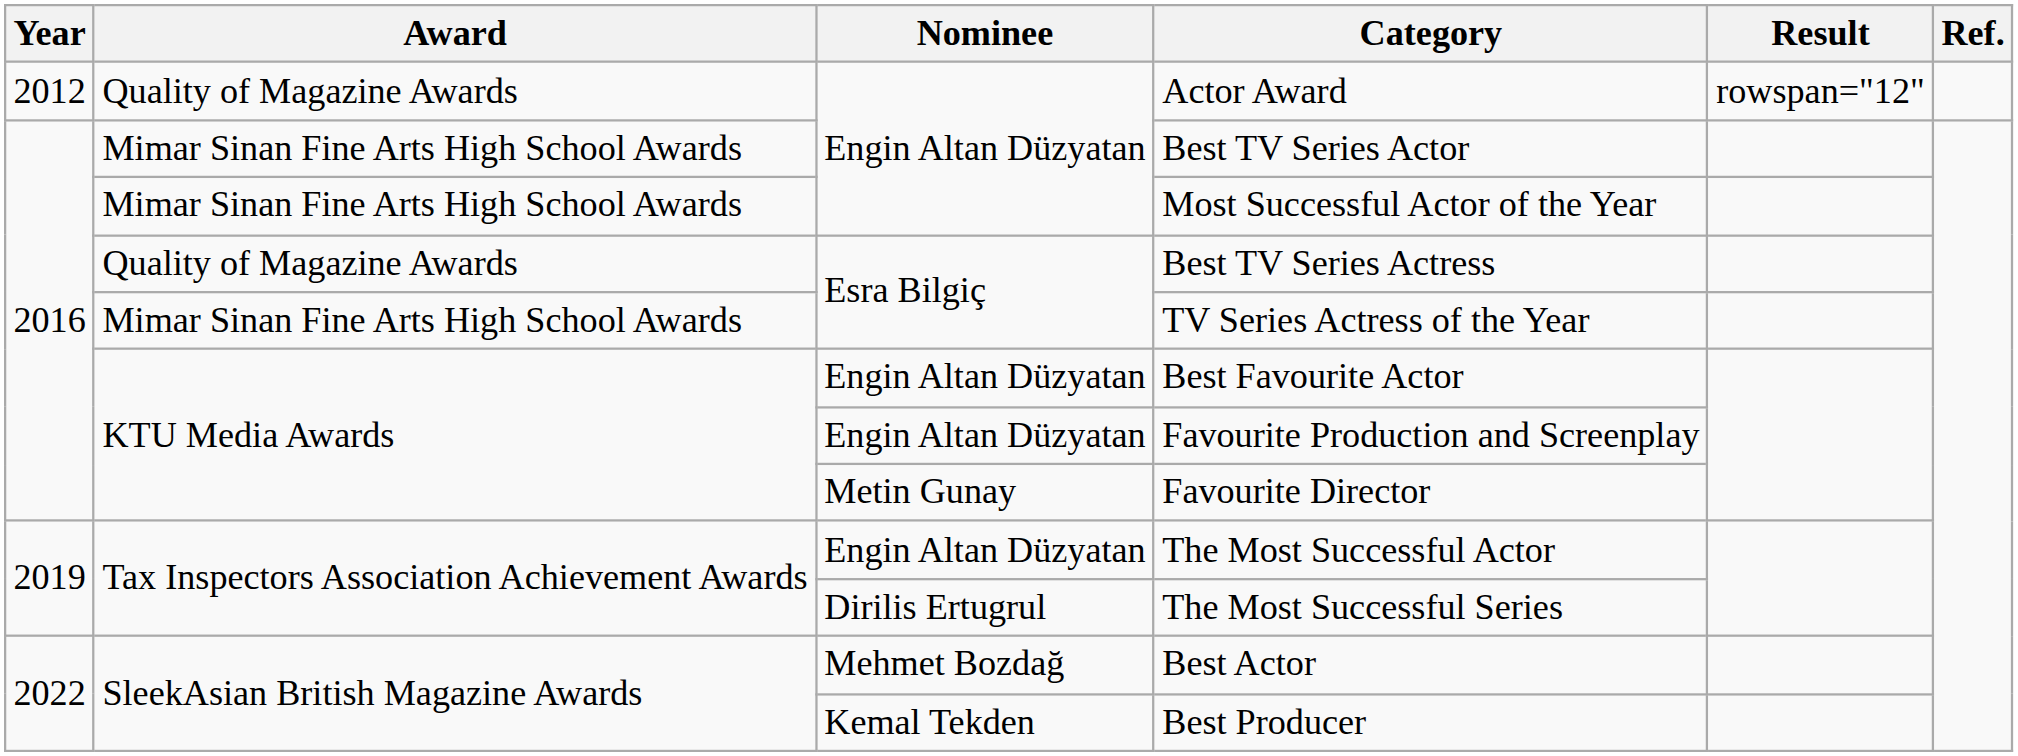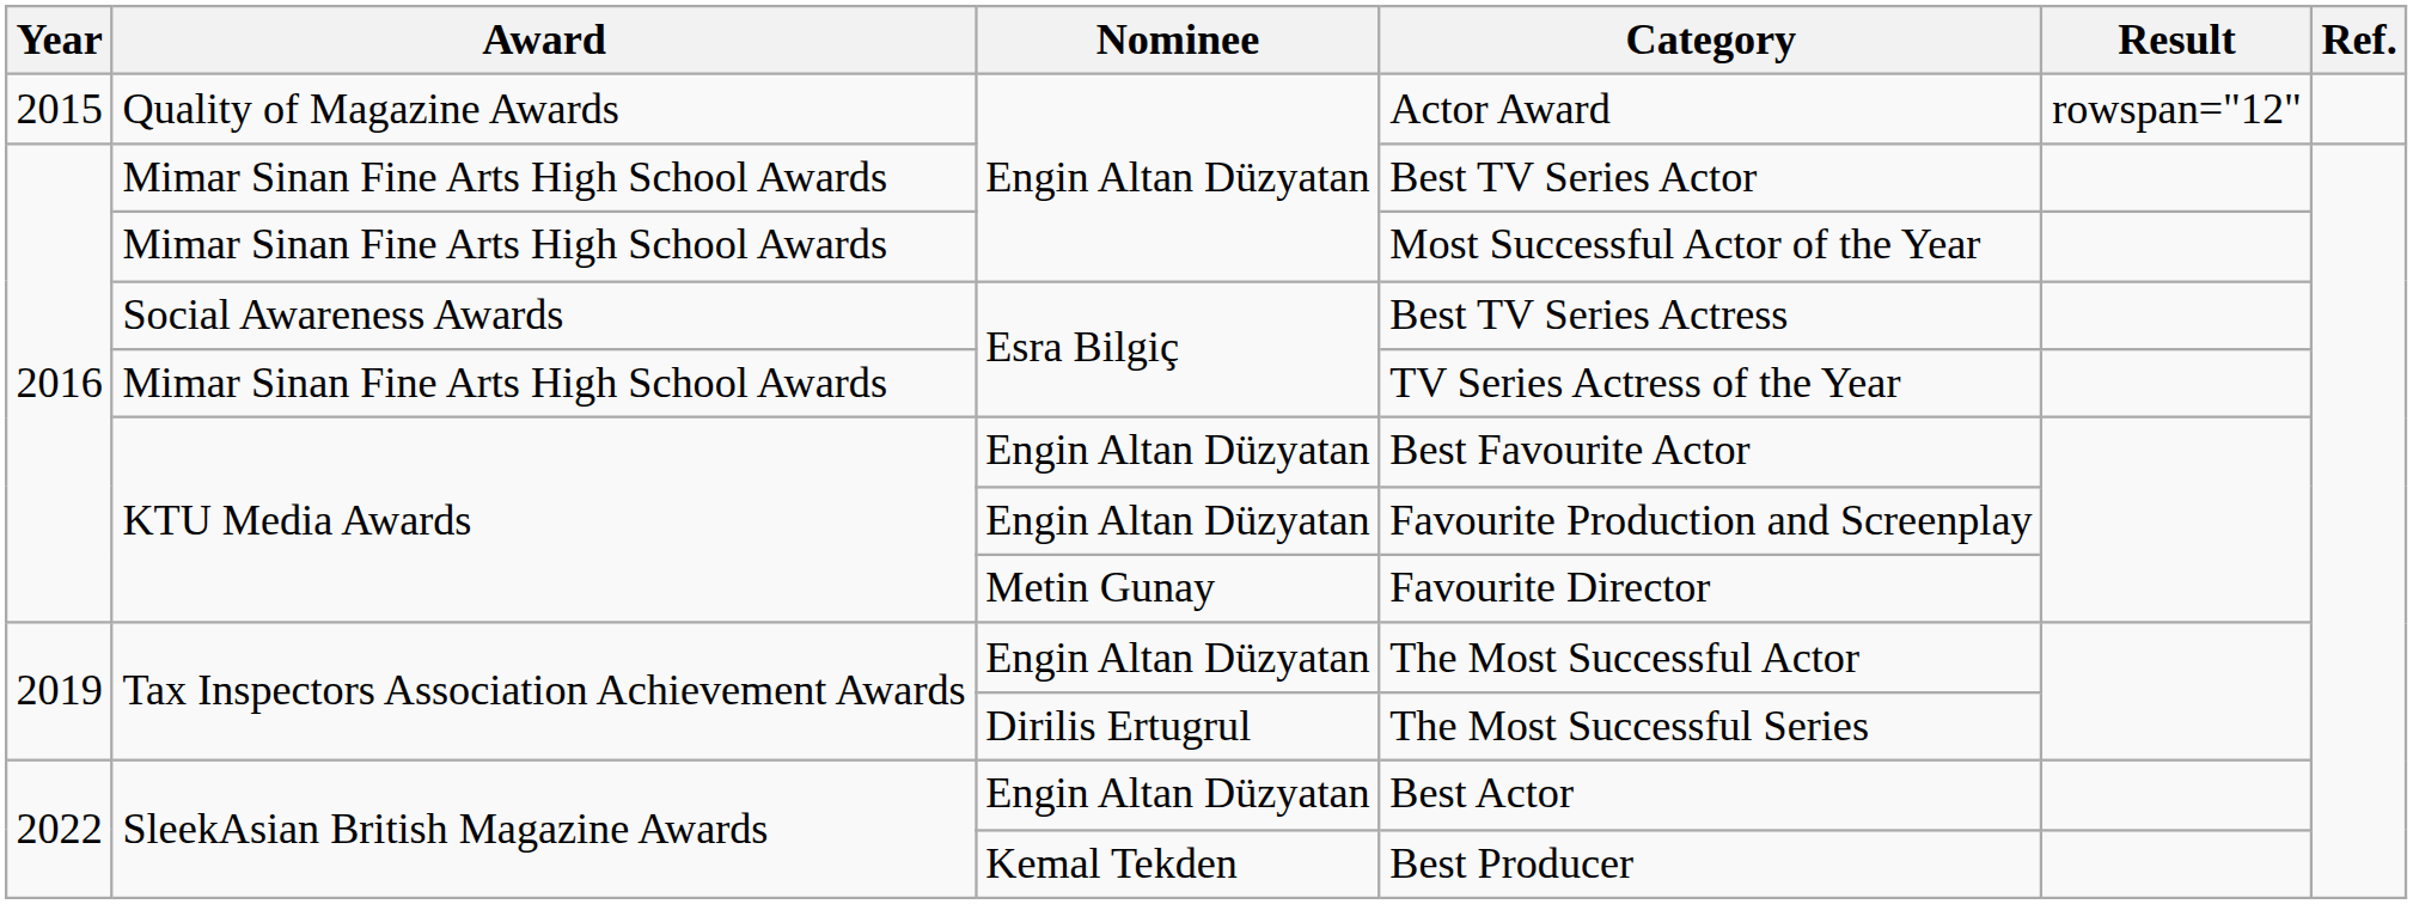 <table class="wikitable">
 <tr>
 <th>Year</th>
 <th>Award</th>
 <th>Nominee</th>
 <th>Category</th>
 <th>Result</th>
 <th>Ref.</th>
 </tr>
 <tr>
-<td>2012</td>
+<td>2015</td>
 <td>Quality of Magazine Awards</td>
 <td rowspan="3">Engin Altan Düzyatan</td>
 <td>Actor Award</td>
 <td>rowspan="12" </td>
 <td style = "text-align: center;"></td>
 </tr>
 <tr>
 <td rowspan="7">2016</td>
 <td>Mimar Sinan Fine Arts High School Awards</td>
 <td>Best TV Series Actor</td>
 <td style="text-align: center;"></td>
 </tr>
 <tr>
 <td>Mimar Sinan Fine Arts High School Awards</td>
 <td>Most Successful Actor of the Year</td>
 <td style = "text-align: center;"></td>
 </tr>
 <tr>
-<td>Quality of Magazine Awards</td>
+<td>Social Awareness Awards</td>
 <td rowspan="2">Esra Bilgiç</td>
 <td>Best TV Series Actress</td>
 <td style = "text-align: center;"></td>
 </tr>
 <tr>
 <td>Mimar Sinan Fine Arts High School Awards</td>
 <td>TV Series Actress of the Year</td>
 <td style = "text-align: center;"></td>
 </tr>
 <tr>
 <td rowspan="3">KTU Media Awards</td>
 <td>Engin Altan Düzyatan</td>
 <td>Best Favourite Actor</td>
 <td rowspan="3"></td>
 </tr>
 <tr>
 <td>Engin Altan Düzyatan</td>
 <td>Favourite Production and Screenplay</td>
 </tr>
 <tr>
 <td>Metin Gunay</td>
 <td>Favourite Director</td>
 </tr>
 <tr>
 <td rowspan="2">2019</td>
 <td rowspan="2">Tax Inspectors Association Achievement Awards</td>
 <td>Engin Altan Düzyatan</td>
 <td>The Most Successful Actor</td>
 <td rowspan="2"></td>
 </tr>
 <tr>
 <td>Dirilis Ertugrul</td>
 <td>The Most Successful Series</td>
 </tr>
 <tr>
 <td rowspan="2">2022</td>
 <td rowspan="2">SleekAsian British Magazine Awards</td>
-<td>Mehmet Bozdağ</td>
+<td>Engin Altan Düzyatan</td>
 <td>Best Actor</td>
 <td style = "text-align: center;"></td>
 </tr>
 <tr>
 <td>Kemal Tekden</td>
 <td>Best Producer</td>
 <td style = "text-align: center;"></td>
 </tr>
 </table>
